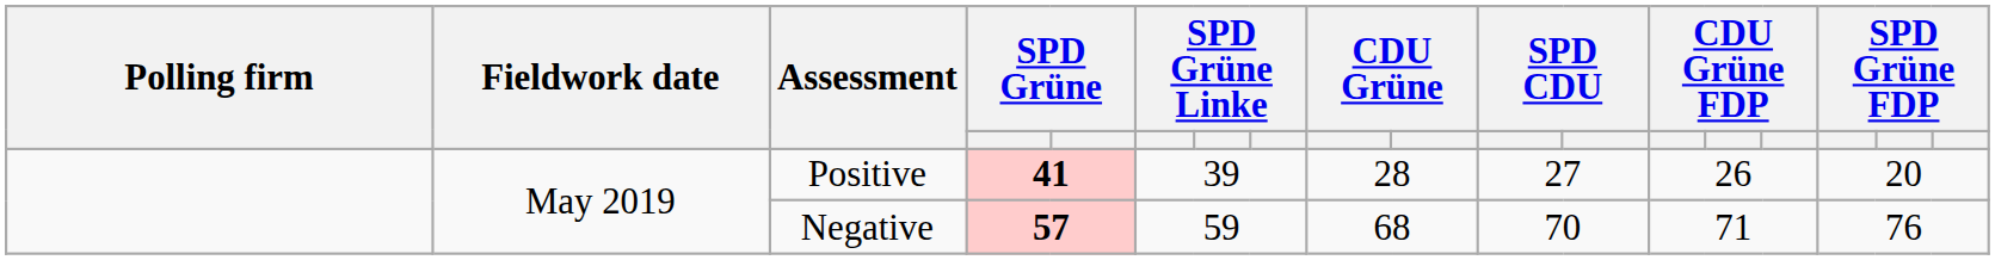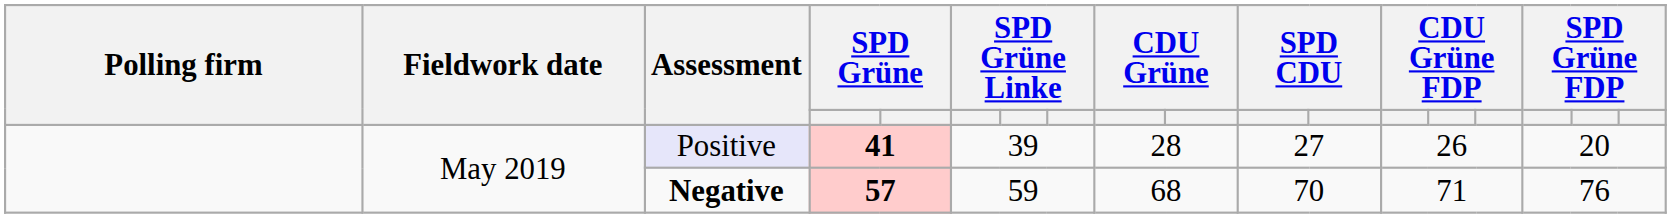 <table class="wikitable sortable" style="text-align:center;font-size:90%;line-height:14px;">
 <tr style="height:40px;">
 <th style="width:160px;" rowspan="2">Polling firm</th>
 <th style="width:125px;" rowspan="2">Fieldwork date</th>
 <th style="width:35px;" rowspan="2">Assessment</th>
 <th class="unsortable" style="width:60px;" colspan="2"><a href='#'>SPD</a><br><a href='#'>Grüne</a></th>
 <th class="unsortable" style="width:60px;" colspan="3"><a href='#'>SPD</a><br><a href='#'>Grüne</a><br><a href='#'>Linke</a></th>
 <th class="unsortable" style="width:60px;" colspan="2"><a href='#'>CDU</a><br><a href='#'>Grüne</a></th>
 <th class="unsortable" style="width:60px;" colspan="2"><a href='#'>SPD</a><br><a href='#'>CDU</a></th>
 <th class="unsortable" style="width:60px;" colspan="3"><a href='#'>CDU</a><br><a href='#'>Grüne</a><br><a href='#'>FDP</a></th>
 <th class="unsortable" style="width:60px;" colspan="3"><a href='#'>SPD</a><br><a href='#'>Grüne</a><br><a href='#'>FDP</a></th>
 </tr>
 <tr>
 <th style="background:"></th>
 <th style="background:"></th>
 <th style="background:"></th>
 <th style="background:"></th>
 <th style="background:"></th>
 <th style="background:"></th>
 <th style="background:"></th>
 <th style="background:"></th>
 <th style="background:"></th>
 <th style="background:"></th>
 <th style="background:"></th>
 <th style="background:"></th>
 <th style="background:"></th>
 <th style="background:"></th>
 <th style="background:"></th>
 </tr>
 <tr>
 <td rowspan="2"></td>
 <td data-sort-value="2019-05-26" rowspan="2">May 2019</td>
-<td>Positive</td>
+<td style="background: lavender;">Positive</td>
 <td style="background:#FFCCCC" colspan="2"><strong>41</strong></td>
 <td colspan="3">39</td>
 <td colspan="2">28</td>
 <td colspan="2">27</td>
 <td colspan="3">26</td>
 <td colspan="3">20</td>
 </tr>
 <tr>
-<td>Negative</td>
+<td><strong>Negative</strong></td>
 <td style="background:#FFCCCC" colspan="2"><strong>57</strong></td>
 <td colspan="3">59</td>
 <td colspan="2">68</td>
 <td colspan="2">70</td>
 <td colspan="3">71</td>
 <td colspan="3">76</td>
 </tr>
 </table>
